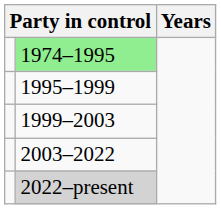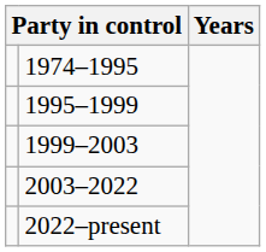 <table class="wikitable">
 <tr>
 <th colspan=2>Party in control</th>
 <th>Years</th>
 </tr>
 <tr>
 <td></td>
-<td style="background: lightgreen;">1974–1995</td>
+<td>1974–1995</td>
 </tr>
 <tr>
 <td></td>
 <td>1995–1999</td>
 </tr>
 <tr>
 <td></td>
 <td>1999–2003</td>
 </tr>
 <tr>
 <td></td>
 <td>2003–2022</td>
 </tr>
 <tr>
 <td></td>
-<td style="background: lightgrey;">2022–present</td>
+<td>2022–present</td>
 </tr>
 </table>
